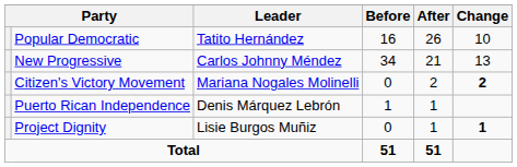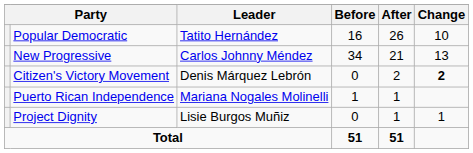 <table class="wikitable" style="text-align:center;">
 <tr>
 </tr>
 <tr>
 <th colspan=2>Party</th>
 <th>Leader</th>
 <th>Before</th>
 <th>After</th>
 <th>Change</th>
 </tr>
 <tr>
 <th style="background-color:"></th>
 <td style="text-align:left;"><a href='#'>Popular Democratic</a></td>
 <td style="text-align:left;"><a href='#'>Tatito Hernández</a></td>
 <td>16</td>
 <td>26</td>
 <td> 10</td>
 </tr>
 <tr>
 <th style="background-color:"></th>
 <td style="text-align:left;"><a href='#'>New Progressive</a></td>
 <td style="text-align:left;"><a href='#'>Carlos Johnny Méndez</a></td>
 <td>34</td>
 <td>21</td>
 <td> 13</td>
 </tr>
 <tr>
 <th style="background-color:"></th>
 <td style="text-align:left;"><a href='#'>Citizen's Victory Movement</a></td>
-<td style="text-align:left;"><a href='#'>Mariana Nogales Molinelli</a></td>
+<td style="text-align:left;">Denis Márquez Lebrón</td>
 <td>0</td>
 <td>2</td>
 <td><strong> 2</strong></td>
 </tr>
 <tr>
 <th style="background-color:"></th>
 <td style="text-align:left;"><a href='#'>Puerto Rican Independence</a></td>
-<td style="text-align:left;">Denis Márquez Lebrón</td>
+<td style="text-align:left;"><a href='#'>Mariana Nogales Molinelli</a></td>
 <td>1</td>
 <td>1</td>
 <td></td>
 </tr>
 <tr>
 <th style="background-color:"></th>
 <td style="text-align:left;"><a href='#'>Project Dignity</a></td>
 <td style="text-align:left;">Lisie Burgos Muñiz</td>
 <td>0</td>
 <td>1</td>
-<td><strong> 1</strong></td>
+<td> 1</td>
 </tr>
 <tr>
 <td colspan=3><strong>Total</strong></td>
 <td><strong>51</strong></td>
 <td><strong>51</strong></td>
 <td></td>
 </tr>
 </table>
